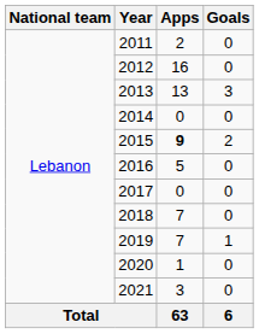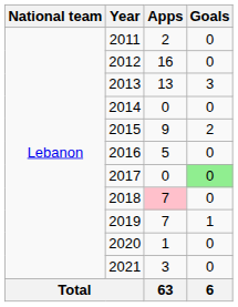 <table class="wikitable" style="text-align:center">
 <tr>
 <th>National team</th>
 <th>Year</th>
 <th>Apps</th>
 <th>Goals</th>
 </tr>
 <tr>
 <td rowspan="11"><a href='#'>Lebanon</a></td>
 <td>2011</td>
 <td>2</td>
 <td>0</td>
 </tr>
 <tr>
 <td>2012</td>
 <td>16</td>
 <td>0</td>
 </tr>
 <tr>
 <td>2013</td>
 <td>13</td>
 <td>3</td>
 </tr>
 <tr>
 <td>2014</td>
 <td>0</td>
 <td>0</td>
 </tr>
 <tr>
 <td>2015</td>
-<td><strong>9</strong></td>
+<td>9</td>
 <td>2</td>
 </tr>
 <tr>
 <td>2016</td>
 <td>5</td>
 <td>0</td>
 </tr>
 <tr>
 <td>2017</td>
 <td>0</td>
-<td>0</td>
+<td style="background: lightgreen;">0</td>
 </tr>
 <tr>
 <td>2018</td>
-<td>7</td>
+<td style="background: pink;">7</td>
 <td>0</td>
 </tr>
 <tr>
 <td>2019</td>
 <td>7</td>
 <td>1</td>
 </tr>
 <tr>
 <td>2020</td>
 <td>1</td>
 <td>0</td>
 </tr>
 <tr>
 <td>2021</td>
 <td>3</td>
 <td>0</td>
 </tr>
 <tr>
 <th colspan="2">Total</th>
 <th>63</th>
 <th>6</th>
 </tr>
 </table>
